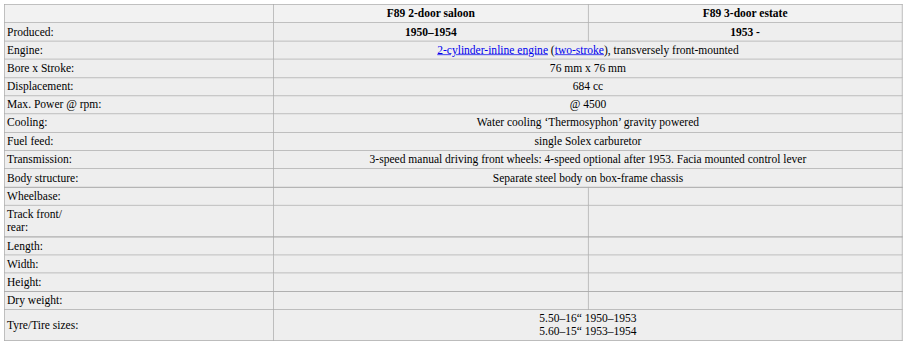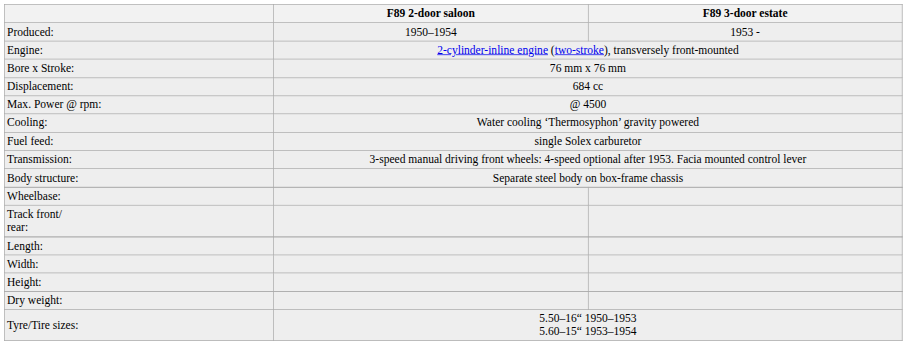 <table class="wikitable">
 <tr>
 <th width="18%"></th>
 <th width="21%">F89 2-door saloon</th>
 <th width="21%">F89 3-door estate</th>
 </tr>
 <tr style="background:#EEEEEE;">
 <td>Produced: </td>
-<td align="center"><strong>1950–1954</strong></td>
-<td align="center"><strong>1953 -</strong></td>
+<td align="center">1950–1954</td>
+<td align="center">1953 -</td>
 </tr>
 <tr style="background:#EEEEEE;">
 <td>Engine: </td>
 <td colspan="6" align="center"><a href='#'>2-cylinder-inline engine</a> (<a href='#'>two-stroke</a>), transversely front-mounted</td>
 </tr>
 <tr style="background:#EEEEEE;">
 <td>Bore x Stroke: </td>
 <td colspan="2" align="center">76 mm x 76 mm</td>
 </tr>
 <tr style="background:#EEEEEE;">
 <td>Displacement: </td>
 <td colspan="2" align="center">684 cc</td>
 </tr>
 <tr style="background:#EEEEEE;">
 <td>Max. Power @ rpm: </td>
 <td colspan="2" align="center"> @ 4500</td>
 </tr>
 <tr style="background:#EEEEEE;">
 <td>Cooling: </td>
 <td colspan="2" align="center">Water cooling ‘Thermosyphon’ gravity powered</td>
 </tr>
 <tr style="background:#EEEEEE;">
 <td>Fuel feed: </td>
 <td colspan="2" align="center">single Solex carburetor</td>
 </tr>
 <tr style="background:#EEEEEE;">
 <td>Transmission: </td>
 <td colspan="2" align="center">3-speed manual driving front wheels: 4-speed optional after 1953. Facia mounted control lever</td>
 </tr>
 <tr style="background:#EEEEEE;">
 <td>Body structure: </td>
 <td colspan="2" align="center">Separate steel body on box-frame chassis</td>
 </tr>
 <tr style="background:#EEEEEE;">
 </tr>
 <tr style="background:#EEEEEE;">
 <td>Wheelbase: </td>
 <td align="center"></td>
 <td align="center"></td>
 </tr>
 <tr style="background:#EEEEEE;">
 <td>Track front/<br>rear: </td>
 <td align="center"> </td>
 <td align="center"> </td>
 </tr>
 <tr style="background:#EEEEEE;">
 </tr>
 <tr style="background:#EEEEEE;">
 </tr>
 <tr style="background:#EEEEEE;">
 </tr>
 <tr style="background:#EEEEEE;">
 <td>Length: </td>
 <td align="center"></td>
 <td align="center"></td>
 </tr>
 <tr style="background:#EEEEEE;">
 <td>Width: </td>
 <td align="center"></td>
 <td align="center"></td>
 </tr>
 <tr style="background:#EEEEEE;">
 <td>Height: </td>
 <td align="center"></td>
 <td align="center"></td>
 </tr>
 <tr style="background:#EEEEEE;">
 </tr>
 <tr style="background:#EEEEEE;">
 </tr>
 <tr style="background:#EEEEEE;">
 <td>Dry weight: </td>
 <td align="center"></td>
 <td align="center"></td>
 </tr>
 <tr style="background:#EEEEEE;">
 <td>Tyre/Tire sizes: </td>
 <td colspan="2" align="center">5.50–16“ 1950–1953<br>5.60–15“ 1953–1954</td>
 </tr>
 </table>
